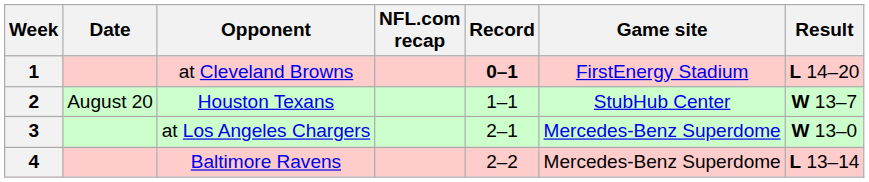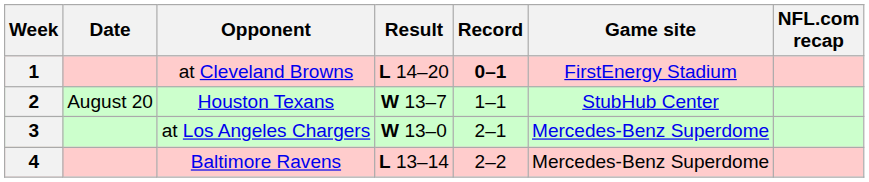 <table class="wikitable" style="text-align:center">
 <tr>
 <th>Week</th>
 <th>Date</th>
 <th>Opponent</th>
-<th>NFL.com<br>recap</th>
+<th>Result</th>
 <th>Record</th>
 <th>Game site</th>
-<th>Result</th>
+<th>NFL.com<br>recap</th>
 </tr>
 <tr style="background:#fcc">
 <th>1</th>
 <td></td>
 <td>at <a href='#'>Cleveland Browns</a></td>
-<td></td>
+<td><strong>L</strong> 14–20</td>
 <td><strong>0–1</strong></td>
 <td><a href='#'>FirstEnergy Stadium</a></td>
-<td><strong>L</strong> 14–20</td>
+<td></td>
 </tr>
 <tr style="background:#cfc">
 <th>2</th>
 <td>August 20</td>
 <td><a href='#'>Houston Texans</a></td>
-<td></td>
+<td><strong>W</strong> 13–7</td>
 <td>1–1</td>
 <td><a href='#'>StubHub Center</a></td>
-<td><strong>W</strong> 13–7</td>
+<td></td>
 </tr>
 <tr style="background:#cfc">
 <th>3</th>
 <td></td>
 <td>at <a href='#'>Los Angeles Chargers</a></td>
-<td></td>
+<td><strong>W</strong> 13–0</td>
 <td>2–1</td>
 <td><a href='#'>Mercedes-Benz Superdome</a></td>
-<td><strong>W</strong> 13–0</td>
+<td></td>
 </tr>
 <tr style="background:#fcc">
 <th>4</th>
 <td></td>
 <td><a href='#'>Baltimore Ravens</a></td>
-<td></td>
+<td><strong>L</strong> 13–14</td>
 <td>2–2</td>
 <td>Mercedes-Benz Superdome</td>
-<td><strong>L</strong> 13–14</td>
+<td></td>
 </tr>
 </table>
